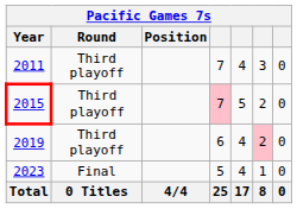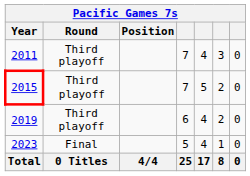 <table class="wikitable" style="text-align: center;">
 <tr>
 <th colspan=7><a href='#'>Pacific Games 7s</a></th>
 </tr>
 <tr>
 <th>Year</th>
 <th style="width:6.5em;">Round</th>
 <th style="padding:2px;">Position</th>
 <th style="width:1em;"></th>
 <th style="width:1em;"></th>
 <th style="width:1em;"></th>
 <th style="width:1em;"></th>
 </tr>
 <tr>
 <td> <a href='#'>2011</a></td>
 <td>Third playoff</td>
 <td></td>
 <td>7</td>
 <td>4</td>
 <td>3</td>
 <td>0</td>
 </tr>
 <tr style="line-height:133%;">
 <td style="border: 3px solid red"> <a href='#'>2015</a></td>
 <td>Third playoff</td>
 <td></td>
-<td style="background: pink;">7</td>
+<td>7</td>
 <td>5</td>
 <td>2</td>
 <td>0</td>
 </tr>
 <tr>
 <td> <a href='#'>2019</a></td>
 <td>Third playoff</td>
 <td></td>
 <td>6</td>
 <td>4</td>
-<td style="background: pink;">2</td>
+<td>2</td>
 <td>0</td>
 </tr>
 <tr>
 <td> <a href='#'>2023</a></td>
 <td>Final</td>
 <td></td>
 <td>5</td>
 <td>4</td>
 <td>1</td>
 <td>0</td>
 </tr>
 <tr>
 <th>Total</th>
 <th>0 Titles</th>
 <th>4/4</th>
 <th>25</th>
 <th>17</th>
 <th>8</th>
 <th>0</th>
 </tr>
 </table>
